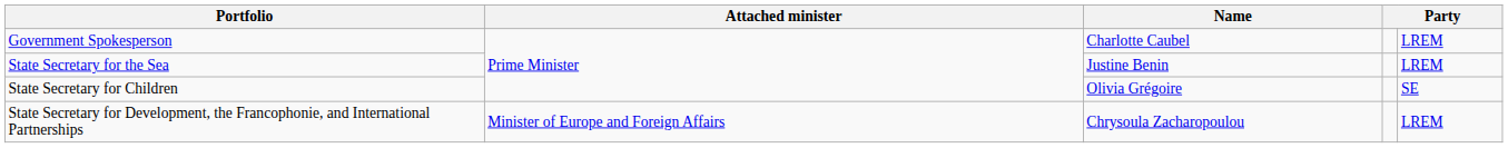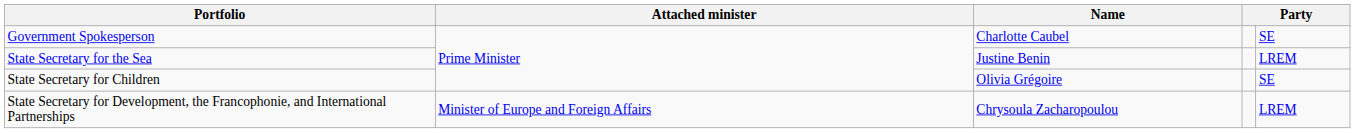 <table class="wikitable" style="width:100%">
 <tr>
 <th>Portfolio</th>
 <th style="width:40%">Attached minister</th>
 <th style="width:20%">Name</th>
 <th style="width:8%" colspan="2">Party</th>
 </tr>
 <tr>
 <td><a href='#'>Government Spokesperson</a></td>
 <td rowspan=3><a href='#'>Prime Minister</a></td>
 <td><a href='#'>Charlotte Caubel</a></td>
 <td style="background:"></td>
-<td><a href='#'>LREM</a></td>
+<td><a href='#'>SE</a></td>
 </tr>
 <tr>
 <td><a href='#'>State Secretary for the Sea</a></td>
 <td><a href='#'>Justine Benin</a></td>
 <td style="background:"></td>
 <td><a href='#'>LREM</a></td>
 </tr>
 <tr>
 <td>State Secretary for Children</td>
 <td><a href='#'>Olivia Grégoire</a></td>
 <td style="background:"></td>
 <td><a href='#'>SE</a></td>
 </tr>
 <tr>
 <td>State Secretary for Development, the Francophonie, and International Partnerships</td>
 <td><a href='#'>Minister of Europe and Foreign Affairs</a></td>
 <td><a href='#'>Chrysoula Zacharopoulou</a></td>
 <td style="background:"></td>
 <td><a href='#'>LREM</a></td>
 </tr>
 </table>
